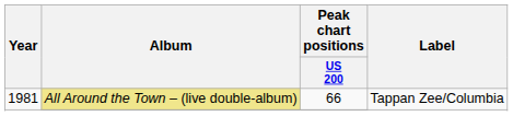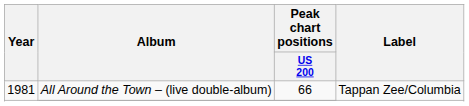 <table class="wikitable" style="text-align:center;">
 <tr>
 <th rowspan="2">Year</th>
 <th rowspan="2">Album</th>
 <th colspan="1">Peak chart positions</th>
 <th rowspan="2">Label</th>
 </tr>
 <tr style="font-size:smaller;">
 <th style="width:50px;"><a href='#'>US<br>200</a><br></th>
 </tr>
 <tr>
 <td rowspan="2">1981</td>
-<td align="left" style="background: khaki;"><em>All Around the Town</em> – (live double-album)</td>
+<td align="left"><em>All Around the Town</em> – (live double-album)</td>
 <td>66</td>
 <td rowspan="7">Tappan Zee/Columbia</td>
 </tr>
 <tr>
 </tr>
 </table>
